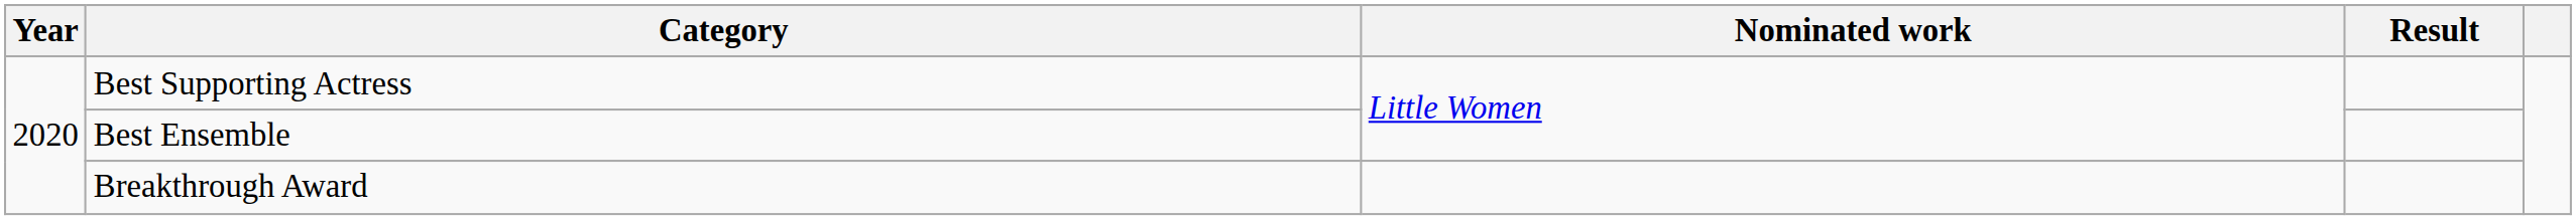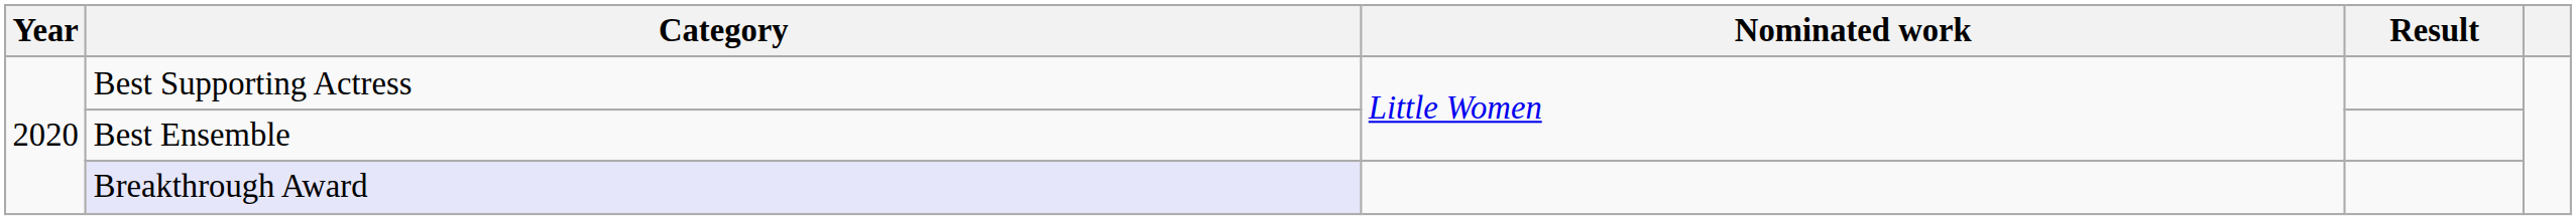 <table class="wikitable sortable">
 <tr>
 <th scope="col" style="width:1em;">Year</th>
 <th scope="col" style="width:39em;">Category</th>
 <th scope="col" style="width:30em;">Nominated work</th>
 <th scope="col" style="width:5em;">Result</th>
 <th scope="col" style="width:1em;"class="unsortable"></th>
 </tr>
 <tr>
 <td rowspan="3">2020</td>
 <td>Best Supporting Actress</td>
 <td rowspan="2"><em><a href='#'>Little Women</a></em></td>
 <td></td>
 <td align="center" rowspan="3"></td>
 </tr>
 <tr>
 <td>Best Ensemble</td>
 <td></td>
 </tr>
 <tr>
-<td>Breakthrough Award</td>
+<td style="background: lavender;">Breakthrough Award</td>
 <td></td>
 <td></td>
 </tr>
 </table>
